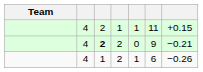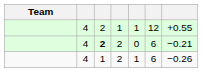 <table class="wikitable">
 <tr>
 <th style="width:110px;">Team</th>
 <th width="20"></th>
 <th width="20"></th>
 <th width="20"></th>
 <th width="20"></th>
 <th width="20"></th>
 <th width="50"><a href='#'></a></th>
 </tr>
 <tr style="text-align:center; background:#dfd;">
 <td align=left></td>
 <td>4</td>
 <td>2</td>
 <td>1</td>
 <td>1</td>
-<td>11</td>
-<td>+0.15</td>
+<td>12</td>
+<td>+0.55</td>
 </tr>
 <tr style="text-align:center; background:#dfd;">
 <td align=left></td>
 <td>4</td>
 <td><strong>2</strong></td>
 <td>2</td>
 <td>0</td>
-<td>9</td>
+<td>6</td>
 <td>−0.21</td>
 </tr>
 <tr style="text-align:center;">
 <td align=left></td>
 <td>4</td>
 <td>1</td>
 <td>2</td>
 <td>1</td>
 <td>6</td>
 <td>−0.26</td>
 </tr>
 </table>
